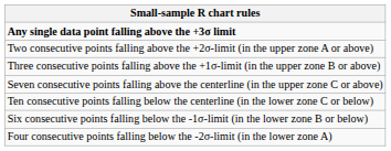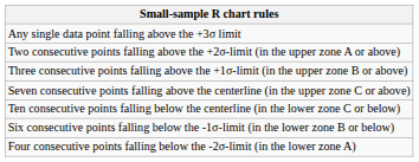 <table class="wikitable" align=center>
 <tr>
 <th>Small-sample R chart rules</th>
 </tr>
 <tr>
-<td><strong>Any single data point falling above the +3σ limit</strong></td>
+<td>Any single data point falling above the +3σ limit</td>
 </tr>
 <tr>
 <td>Two consecutive points falling above the +2σ-limit (in the upper zone A or above)</td>
 </tr>
 <tr>
 <td>Three consecutive points falling above the +1σ-limit (in the upper zone B or above)</td>
 </tr>
 <tr>
 <td>Seven consecutive points falling above the centerline (in the upper zone C or above)</td>
 </tr>
 <tr>
 <td>Ten consecutive points falling below the centerline (in the lower zone C or below)</td>
 </tr>
 <tr>
 <td>Six consecutive points falling below the -1σ-limit (in the lower zone B or below)</td>
 </tr>
 <tr>
 <td>Four consecutive points falling below the -2σ-limit (in the lower zone A)</td>
 </tr>
 </table>
